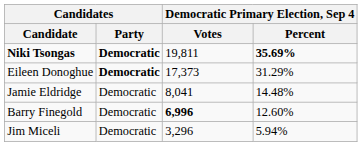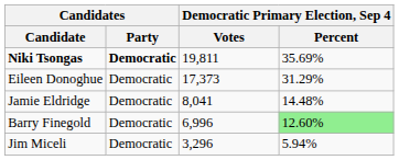 <table class=wikitable>
 <tr>
 <th colspan=2>Candidates</th>
 <th colspan=2>Democratic Primary Election, Sep 4</th>
 </tr>
 <tr>
 <th>Candidate</th>
 <th>Party</th>
 <th>Votes</th>
 <th>Percent</th>
 </tr>
 <tr>
 <td><strong>Niki Tsongas</strong></td>
 <td><strong>Democratic</strong></td>
 <td>19,811</td>
-<td><strong>35.69%</strong></td>
+<td>35.69%</td>
 </tr>
 <tr>
 <td>Eileen Donoghue</td>
-<td><strong>Democratic</strong></td>
+<td>Democratic</td>
 <td>17,373</td>
 <td>31.29%</td>
 </tr>
 <tr>
 <td>Jamie Eldridge</td>
 <td>Democratic</td>
 <td>8,041</td>
 <td>14.48%</td>
 </tr>
 <tr>
 <td>Barry Finegold</td>
 <td>Democratic</td>
-<td><strong>6,996</strong></td>
-<td>12.60%</td>
+<td>6,996</td>
+<td style="background: lightgreen;">12.60%</td>
 </tr>
 <tr>
 <td>Jim Miceli</td>
 <td>Democratic</td>
 <td>3,296</td>
 <td>5.94%</td>
 </tr>
 </table>
